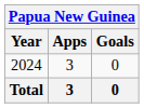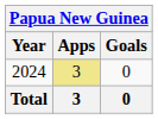 <table class="wikitable" style="text-align:center">
 <tr>
 <th colspan=3><a href='#'>Papua New Guinea</a></th>
 </tr>
 <tr>
 <th>Year</th>
 <th>Apps</th>
 <th>Goals</th>
 </tr>
 <tr>
 <td>2024</td>
-<td>3</td>
+<td style="background: khaki;">3</td>
 <td>0</td>
 </tr>
 <tr>
 <th>Total</th>
 <th>3</th>
 <th>0</th>
 </tr>
 </table>
